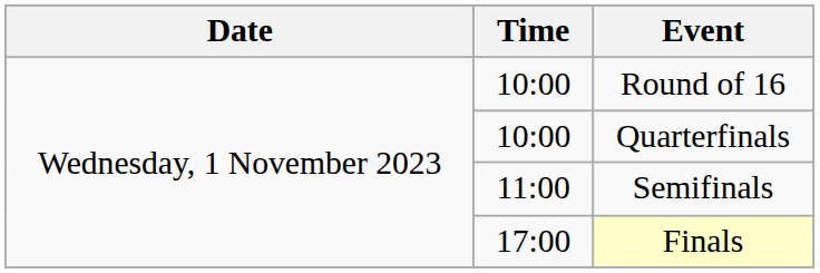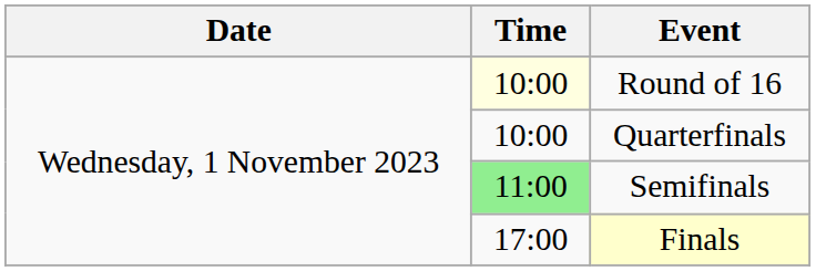 <table class = "wikitable" style="text-align:center;">
 <tr>
 <th width=220>Date</th>
 <th width=50>Time</th>
 <th width=100>Event</th>
 </tr>
 <tr>
 <td rowspan=5>Wednesday, 1 November 2023</td>
-<td>10:00</td>
+<td style="background: lightyellow;">10:00</td>
 <td>Round of 16</td>
 </tr>
 <tr>
 <td>10:00</td>
 <td>Quarterfinals</td>
 </tr>
 <tr>
-<td>11:00</td>
+<td style="background: lightgreen;">11:00</td>
 <td>Semifinals</td>
 </tr>
 <tr>
 <td>17:00</td>
 <td bgcolor=ffffcc>Finals</td>
 </tr>
 </table>
